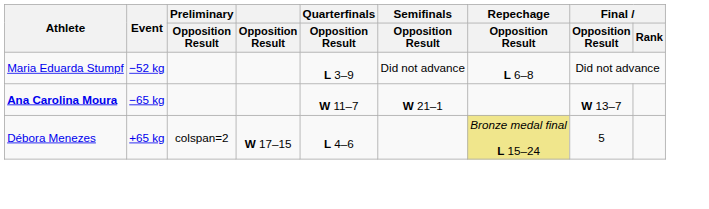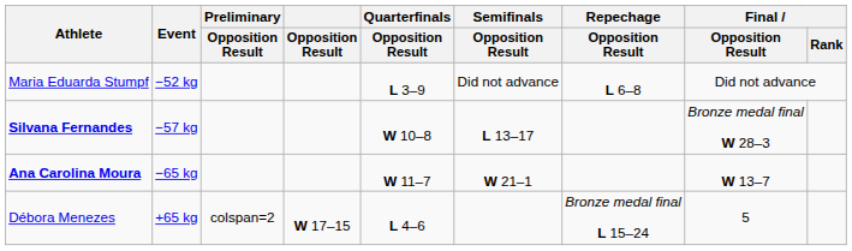 <table class="wikitable" style="font-size:90%;">
 <tr>
 <th rowspan=2>Athlete</th>
 <th rowspan=2>Event</th>
 <th>Preliminary</th>
 <th></th>
 <th>Quarterfinals</th>
 <th>Semifinals</th>
 <th>Repechage</th>
 <th colspan=2>Final / </th>
 </tr>
 <tr style="font-size:95%">
 <th>Opposition<br>Result</th>
 <th>Opposition<br>Result</th>
 <th>Opposition<br>Result</th>
 <th>Opposition<br>Result</th>
 <th>Opposition<br>Result</th>
 <th>Opposition<br>Result</th>
 <th>Rank</th>
 </tr>
 <tr align=center>
 <td align=left><a href='#'>Maria Eduarda Stumpf</a></td>
 <td align=left><a href='#'>−52 kg</a></td>
 <td></td>
 <td></td>
 <td><br><strong>L</strong> 3–9</td>
 <td>Did not advance</td>
 <td><br><strong>L</strong> 6–8</td>
 <td colspan=2>Did not advance</td>
 </tr>
 <tr align=center>
+<td align=left><strong><a href='#'>Silvana Fernandes</a></strong></td>
+<td align=left><a href='#'>−57 kg</a></td>
+<td></td>
+<td></td>
+<td><br><strong>W</strong> 10–8</td>
+<td><br><strong>L</strong> 13–17</td>
+<td></td>
+<td><em>Bronze medal final</em><br><br><strong>W</strong> 28–3</td>
+<td></td>
+</tr>
+<tr align=center>
 <td align=left><strong><a href='#'>Ana Carolina Moura</a></strong></td>
 <td align=left><a href='#'>−65 kg</a></td>
 <td></td>
 <td></td>
 <td><br><strong>W</strong> 11–7</td>
 <td><br><strong>W</strong> 21–1</td>
 <td></td>
 <td><br><strong>W</strong> 13–7</td>
 <td></td>
 </tr>
 <tr align=center>
 <td align=left><a href='#'>Débora Menezes</a></td>
 <td align=left><a href='#'>+65 kg</a></td>
 <td>colspan=2 </td>
 <td><br><strong>W</strong> 17–15</td>
 <td><br><strong>L</strong> 4–6</td>
 <td></td>
-<td style="background: khaki;"><em>Bronze medal final</em><br><br><strong>L</strong> 15–24</td>
+<td><em>Bronze medal final</em><br><br><strong>L</strong> 15–24</td>
 <td>5</td>
 </tr>
 </table>
